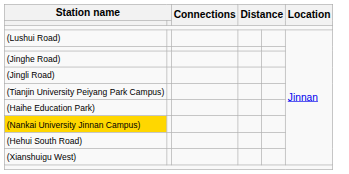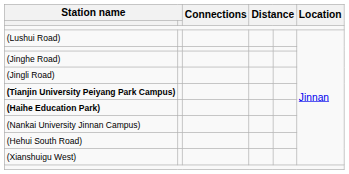 <table class="wikitable">
 <tr>
 <th colspan="2">Station name</th>
 <th rowspan="2">Connections</th>
 <th colspan="2" rowspan="2">Distance<br></th>
 <th rowspan="2">Location</th>
 </tr>
 <tr>
 <th></th>
 <th></th>
 </tr>
 <tr style="background:#">
 <td colspan = "6"></td>
 </tr>
 <tr>
 <td> <small>(Lushui Road)</small></td>
 <td></td>
 <td></td>
 <td></td>
 <td></td>
 <td rowspan="9"><a href='#'>Jinnan</a></td>
 </tr>
 <tr>
 <td></td>
 <td></td>
 <td></td>
 <td></td>
 <td></td>
 </tr>
 <tr>
 <td> <small>(Jinghe Road)</small></td>
 <td></td>
 <td></td>
 <td></td>
 <td></td>
 </tr>
 <tr>
 <td> <small>(Jingli Road)</small></td>
 <td></td>
 <td></td>
 <td></td>
 <td></td>
 </tr>
 <tr>
-<td> <small>(Tianjin University Peiyang Park Campus)</small></td>
+<td><strong> <small>(Tianjin University Peiyang Park Campus)</small></strong></td>
 <td></td>
 <td></td>
 <td></td>
 <td></td>
 </tr>
 <tr>
-<td> <small>(Haihe Education Park)</small></td>
+<td><strong> <small>(Haihe Education Park)</small></strong></td>
 <td></td>
 <td></td>
 <td></td>
 <td></td>
 </tr>
 <tr>
-<td style="background: gold;"> <small>(Nankai University Jinnan Campus)</small></td>
+<td> <small>(Nankai University Jinnan Campus)</small></td>
 <td></td>
 <td></td>
 <td></td>
 <td></td>
 </tr>
 <tr>
 <td> <small>(Hehui South Road)</small></td>
 <td></td>
 <td></td>
 <td></td>
 <td></td>
 </tr>
 <tr>
 <td> <small>(Xianshuigu West)</small></td>
 <td></td>
 <td></td>
 <td></td>
 <td></td>
 </tr>
 <tr style="background:#">
 <td colspan = "6"></td>
 </tr>
 </table>
